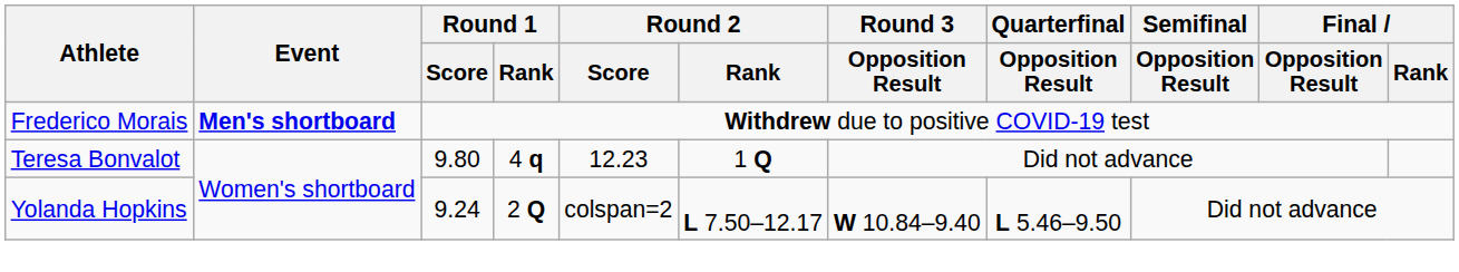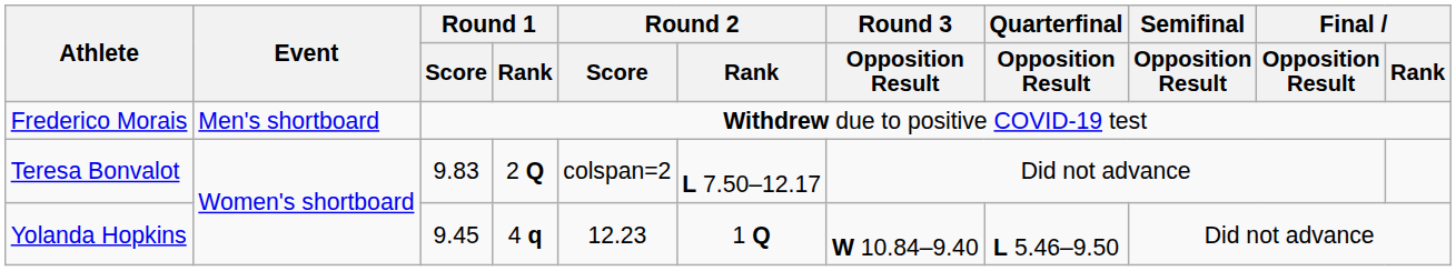 <table class=wikitable style=font-size:90%;text-align:center>
 <tr>
 <th rowspan=2>Athlete</th>
 <th rowspan=2>Event</th>
 <th colspan=2>Round 1</th>
 <th colspan=2>Round 2</th>
 <th>Round 3</th>
 <th>Quarterfinal</th>
 <th>Semifinal</th>
 <th colspan=2>Final / </th>
 </tr>
 <tr style=font-size:95%>
 <th>Score</th>
 <th>Rank</th>
 <th>Score</th>
 <th>Rank</th>
 <th>Opposition<br>Result</th>
 <th>Opposition<br>Result</th>
 <th>Opposition<br>Result</th>
 <th>Opposition<br>Result</th>
 <th>Rank</th>
 </tr>
 <tr align=center>
 <td align=left><a href='#'>Frederico Morais</a></td>
-<td align=left><strong><a href='#'>Men's shortboard</a></strong></td>
+<td align=left><a href='#'>Men's shortboard</a></td>
 <td colspan=9><strong>Withdrew</strong> due to positive <a href='#'>COVID-19</a> test</td>
 </tr>
 <tr align=center>
 <td align=left><a href='#'>Teresa Bonvalot</a></td>
 <td align=left rowspan=2><a href='#'>Women's shortboard</a></td>
-<td>9.80</td>
-<td>4 <strong>q</strong></td>
-<td>12.23</td>
-<td>1  <strong>Q</strong></td>
+<td>9.83</td>
+<td>2 <strong>Q</strong></td>
+<td>colspan=2 </td>
+<td><br><strong>L</strong> 7.50–12.17</td>
 <td colspan=4>Did not advance</td>
 </tr>
 <tr align=center>
 <td align=left><a href='#'>Yolanda Hopkins</a></td>
-<td>9.24</td>
-<td>2 <strong>Q</strong></td>
-<td>colspan=2 </td>
-<td><br><strong>L</strong> 7.50–12.17</td>
+<td>9.45</td>
+<td>4 <strong>q</strong></td>
+<td>12.23</td>
+<td>1  <strong>Q</strong></td>
 <td><br><strong>W</strong> 10.84–9.40</td>
 <td><br><strong>L</strong> 5.46–9.50</td>
 <td colspan=3>Did not advance</td>
 </tr>
 </table>
